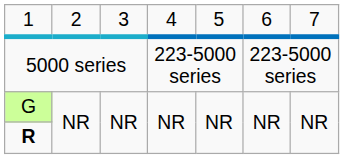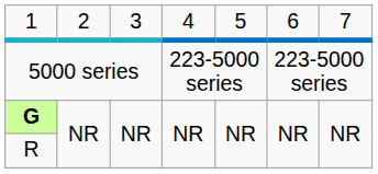 <table class="wikitable" style="text-align:center;">
 <tr>
 <td style="width:2em; border-bottom:solid 4px #1cadca;">1</td>
 <td style="width:2em; border-bottom:solid 4px #1cadca;">2</td>
 <td style="width:2em; border-bottom:solid 4px #1cadca;">3</td>
 <td style="width:2em; border-bottom:solid 4px #0072bc;">4</td>
 <td style="width:2em; border-bottom:solid 4px #0072bc;">5</td>
 <td style="width:2em; border-bottom:solid 4px #0072bc;">6</td>
 <td style="width:2em; border-bottom:solid 4px #0072bc;">7</td>
 </tr>
 <tr>
 <td colspan="3">5000 series</td>
 <td colspan="2">223-5000 series</td>
 <td colspan="2">223-5000 series</td>
 </tr>
 <tr>
-<td style="background-color:#cf9;">G</td>
+<td style="background-color:#cf9;"><strong>G</strong></td>
 <td rowspan="2">NR</td>
 <td rowspan="2">NR</td>
 <td rowspan="2">NR</td>
 <td rowspan="2">NR</td>
 <td rowspan="2">NR</td>
 <td rowspan="2">NR</td>
 </tr>
 <tr>
-<td><strong>R</strong></td>
+<td>R</td>
 </tr>
 </table>
